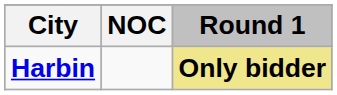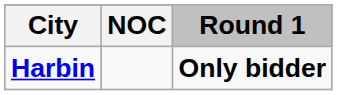 <table class="wikitable">
 <tr>
 </tr>
 <tr>
 <th>City</th>
 <th>NOC</th>
 <td align=center bgcolor="silver"><strong>Round 1</strong></td>
 </tr>
 <tr>
 <td><strong><a href='#'>Harbin</a></strong></td>
 <td><strong></strong></td>
-<td style="background: khaki;"><strong>Only bidder</strong></td>
+<td><strong>Only bidder</strong></td>
 </tr>
 </table>
